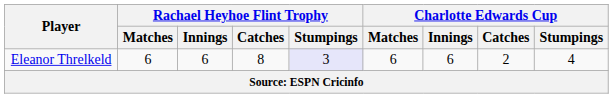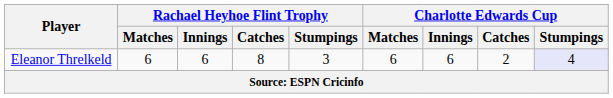 <table class="wikitable" style="text-align:center; width:55%;">
 <tr>
 <th rowspan=2>Player</th>
 <th colspan=4><a href='#'>Rachael Heyhoe Flint Trophy</a></th>
 <th colspan=4><a href='#'>Charlotte Edwards Cup</a></th>
 </tr>
 <tr>
 <th>Matches</th>
 <th>Innings</th>
 <th>Catches</th>
 <th>Stumpings</th>
 <th>Matches</th>
 <th>Innings</th>
 <th>Catches</th>
 <th>Stumpings</th>
 </tr>
 <tr>
 <td><a href='#'>Eleanor Threlkeld</a></td>
 <td>6</td>
 <td>6</td>
 <td>8</td>
-<td style="background: lavender;">3</td>
+<td>3</td>
 <td>6</td>
 <td>6</td>
 <td>2</td>
-<td>4</td>
+<td style="background: lavender;">4</td>
 </tr>
 <tr>
 <th colspan="9"><small>Source: ESPN Cricinfo</small></th>
 </tr>
 </table>
